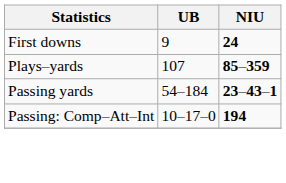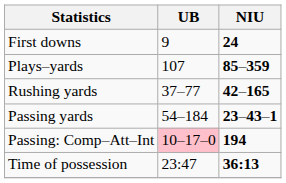 <table class="wikitable" style="float: left;">
 <tr>
 <th>Statistics</th>
 <th>UB</th>
 <th>NIU</th>
 </tr>
 <tr>
 <td>First downs</td>
 <td>9</td>
 <td><strong>24</strong></td>
 </tr>
 <tr>
 <td>Plays–yards</td>
 <td>107</td>
 <td><strong>85</strong>–<strong>359</strong></td>
 </tr>
 <tr>
+<td>Rushing yards</td>
+<td>37–77</td>
+<td><strong>42</strong>–<strong>165</strong></td>
+</tr>
+<tr>
 <td>Passing yards</td>
 <td>54–184</td>
 <td><strong>23</strong>–<strong>43</strong>–<strong>1</strong></td>
 </tr>
 <tr>
 <td>Passing: Comp–Att–Int</td>
-<td>10–17–0</td>
+<td style="background: pink;">10–17–0</td>
 <td><strong>194</strong></td>
+</tr>
+<tr>
+<td>Time of possession</td>
+<td>23:47</td>
+<td><strong>36:13</strong></td>
 </tr>
 <tr>
 </tr>
 </table>
